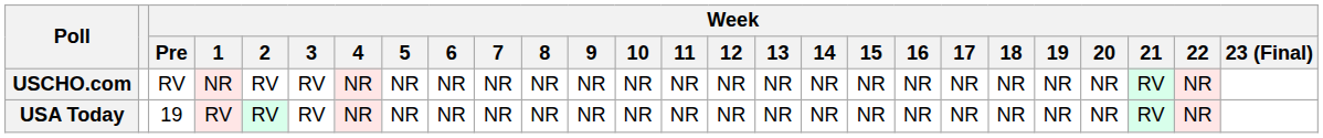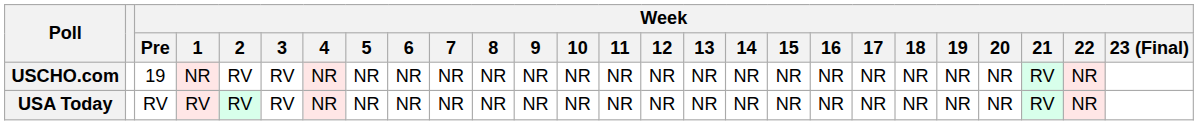 <table class="wikitable" style="white-space:nowrap;">
 <tr>
 <th scope="col" width="100" rowspan="2">Poll</th>
 <th rowspan="2"></th>
 <th colspan="25">Week</th>
 </tr>
 <tr>
 <th scope="col" width="30">Pre</th>
 <th scope="col" width="30">1</th>
 <th scope="col" width="30">2</th>
 <th scope="col" width="30">3</th>
 <th scope="col" width="30">4</th>
 <th scope="col" width="30">5</th>
 <th scope="col" width="30">6</th>
 <th scope="col" width="30">7</th>
 <th scope="col" width="30">8</th>
 <th scope="col" width="30">9</th>
 <th scope="col" width="30">10</th>
 <th scope="col" width="30">11</th>
 <th scope="col" width="30">12</th>
 <th scope="col" width="30">13</th>
 <th scope="col" width="30">14</th>
 <th scope="col" width="30">15</th>
 <th scope="col" width="30">16</th>
 <th scope="col" width="30">17</th>
 <th scope="col" width="30">18</th>
 <th scope="col" width="30">19</th>
 <th scope="col" width="30">20</th>
 <th scope="col" width="30">21</th>
 <th scope="col" width="30">22</th>
 <th scope="col" width="30">23 (Final)</th>
 </tr>
 <tr style="text-align:center;">
 <th>USCHO.com</th>
 <td bgcolor=FFFFFF></td>
-<td bgcolor=FFFFFF>RV</td>
+<td bgcolor=FFFFFF>19</td>
 <td bgcolor=FFE6E6>NR</td>
 <td bgcolor=FFFFFF>RV</td>
 <td bgcolor=FFFFFF>RV</td>
 <td bgcolor=FFE6E6>NR</td>
 <td bgcolor=FFFFFF>NR</td>
 <td bgcolor=FFFFFF>NR</td>
 <td bgcolor=FFFFFF>NR</td>
 <td bgcolor=FFFFFF>NR</td>
 <td bgcolor=FFFFFF>NR</td>
 <td bgcolor=FFFFFF>NR</td>
 <td bgcolor=FFFFFF>NR</td>
 <td bgcolor=FFFFFF>NR</td>
 <td bgcolor=FFFFFF>NR</td>
 <td bgcolor=FFFFFF>NR</td>
 <td bgcolor=FFFFFF>NR</td>
 <td bgcolor=FFFFFF>NR</td>
 <td bgcolor=FFFFFF>NR</td>
 <td bgcolor=FFFFFF>NR</td>
 <td bgcolor=FFFFFF>NR</td>
 <td bgcolor=FFFFFF>NR</td>
 <td bgcolor=D8FFEB>RV</td>
 <td bgcolor=FFE6E6>NR</td>
 <td bgcolor=FFFFFF></td>
 </tr>
 <tr style="text-align:center;">
 <th>USA Today</th>
 <td bgcolor=FFFFFF></td>
-<td bgcolor=FFFFFF>19</td>
+<td bgcolor=FFFFFF>RV</td>
 <td bgcolor=FFE6E6>RV</td>
 <td bgcolor=D8FFEB>RV</td>
 <td bgcolor=FFFFFF>RV</td>
 <td bgcolor=FFE6E6>NR</td>
 <td bgcolor=FFFFFF>NR</td>
 <td bgcolor=FFFFFF>NR</td>
 <td bgcolor=FFFFFF>NR</td>
 <td bgcolor=FFFFFF>NR</td>
 <td bgcolor=FFFFFF>NR</td>
 <td bgcolor=FFFFFF>NR</td>
 <td bgcolor=FFFFFF>NR</td>
 <td bgcolor=FFFFFF>NR</td>
 <td bgcolor=FFFFFF>NR</td>
 <td bgcolor=FFFFFF>NR</td>
 <td bgcolor=FFFFFF>NR</td>
 <td bgcolor=FFFFFF>NR</td>
 <td bgcolor=FFFFFF>NR</td>
 <td bgcolor=FFFFFF>NR</td>
 <td bgcolor=FFFFFF>NR</td>
 <td bgcolor=FFFFFF>NR</td>
 <td bgcolor=D8FFEB>RV</td>
 <td bgcolor=FFE6E6>NR</td>
 <td bgcolor=FFFFFF></td>
 </tr>
 </table>
